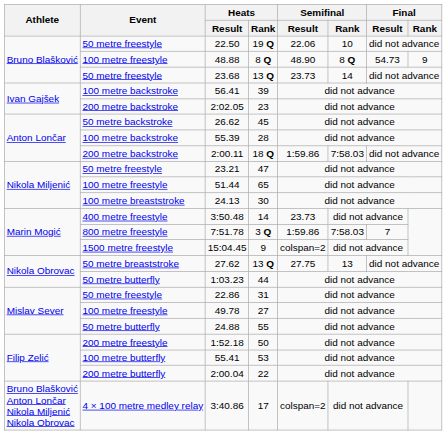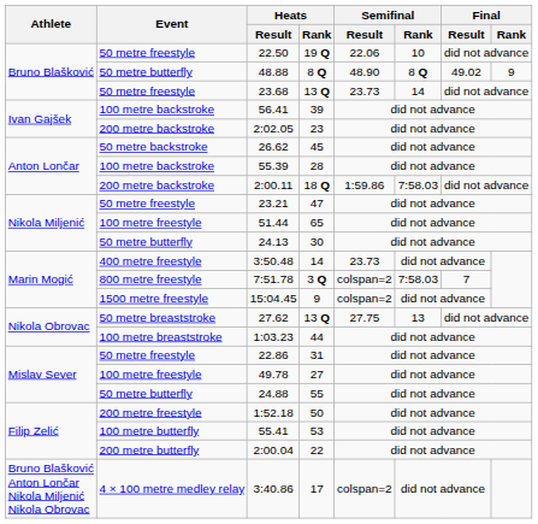 <table class="wikitable" border="1" style="font-size:90%; text-align:center">
 <tr>
 <th rowspan="2">Athlete</th>
 <th rowspan="2">Event</th>
 <th colspan="2">Heats</th>
 <th colspan="2">Semifinal</th>
 <th colspan="2">Final</th>
 </tr>
 <tr>
 <th>Result</th>
 <th>Rank</th>
 <th>Result</th>
 <th>Rank</th>
 <th>Result</th>
 <th>Rank</th>
 </tr>
 <tr>
 <td rowspan="3" align="left"><a href='#'>Bruno Blašković</a></td>
 <td align="left"><a href='#'>50 metre freestyle</a></td>
 <td>22.50</td>
 <td>19 <strong>Q</strong></td>
 <td>22.06</td>
 <td>10</td>
 <td colspan=2>did not advance</td>
 </tr>
 <tr>
-<td align="left"><a href='#'>100 metre freestyle</a></td>
+<td align="left"><a href='#'>50 metre butterfly</a></td>
 <td>48.88</td>
 <td>8 <strong>Q</strong></td>
 <td>48.90</td>
 <td>8 <strong>Q</strong></td>
-<td>54.73</td>
+<td>49.02</td>
 <td>9</td>
 </tr>
 <tr>
 <td align="left"><a href='#'>50 metre freestyle</a></td>
 <td>23.68</td>
 <td>13 <strong>Q</strong></td>
 <td>23.73</td>
 <td>14</td>
 <td colspan=2>did not advance</td>
 </tr>
 <tr>
 <td rowspan="2" align="left"><a href='#'>Ivan Gajšek</a></td>
 <td align="left"><a href='#'>100 metre backstroke</a></td>
 <td>56.41</td>
 <td>39</td>
 <td colspan=4>did not advance</td>
 </tr>
 <tr>
 <td align="left"><a href='#'>200 metre backstroke</a></td>
 <td>2:02.05</td>
 <td>23</td>
 <td colspan=4>did not advance</td>
 </tr>
 <tr>
 <td rowspan="3" align="left"><a href='#'>Anton Lončar</a></td>
 <td align="left"><a href='#'>50 metre backstroke</a></td>
 <td>26.62</td>
 <td>45</td>
 <td colspan=4>did not advance</td>
 </tr>
 <tr>
 <td align="left"><a href='#'>100 metre backstroke</a></td>
 <td>55.39</td>
 <td>28</td>
 <td colspan=4>did not advance</td>
 </tr>
 <tr>
 <td align="left"><a href='#'>200 metre backstroke</a></td>
 <td>2:00.11</td>
 <td>18 <strong>Q</strong></td>
 <td>1:59.86</td>
 <td>7:58.03</td>
 <td colspan=2>did not advance</td>
 </tr>
 <tr>
 <td rowspan="3" align="left"><a href='#'>Nikola Miljenić</a></td>
 <td align="left"><a href='#'>50 metre freestyle</a></td>
 <td>23.21</td>
 <td>47</td>
 <td colspan=4>did not advance</td>
 </tr>
 <tr>
 <td align="left"><a href='#'>100 metre freestyle</a></td>
 <td>51.44</td>
 <td>65</td>
 <td colspan=4>did not advance</td>
 </tr>
 <tr>
-<td align="left"><a href='#'>100 metre breaststroke</a></td>
+<td align="left"><a href='#'>50 metre butterfly</a></td>
 <td>24.13</td>
 <td>30</td>
 <td colspan=4>did not advance</td>
 </tr>
 <tr>
 <td rowspan="3" align="left"><a href='#'>Marin Mogić</a></td>
 <td align="left"><a href='#'>400 metre freestyle</a></td>
 <td>3:50.48</td>
 <td>14</td>
 <td>23.73</td>
 <td colspan=2>did not advance</td>
 </tr>
 <tr>
 <td align="left"><a href='#'>800 metre freestyle</a></td>
 <td>7:51.78</td>
 <td>3 <strong>Q</strong></td>
-<td>1:59.86</td>
+<td>colspan=2</td>
 <td>7:58.03</td>
 <td>7</td>
 </tr>
 <tr>
 <td align="left"><a href='#'>1500 metre freestyle</a></td>
 <td>15:04.45</td>
 <td>9</td>
 <td>colspan=2</td>
 <td colspan=2>did not advance</td>
 </tr>
 <tr>
 <td rowspan="2" align="left"><a href='#'>Nikola Obrovac</a></td>
 <td align="left"><a href='#'>50 metre breaststroke</a></td>
 <td>27.62</td>
 <td>13 <strong>Q</strong></td>
 <td>27.75</td>
 <td>13</td>
 <td colspan=2>did not advance</td>
 </tr>
 <tr>
-<td align="left"><a href='#'>50 metre butterfly</a></td>
+<td align="left"><a href='#'>100 metre breaststroke</a></td>
 <td>1:03.23</td>
 <td>44</td>
 <td colspan=4>did not advance</td>
 </tr>
 <tr>
 <td rowspan="3" align="left"><a href='#'>Mislav Sever</a></td>
 <td align="left"><a href='#'>50 metre freestyle</a></td>
 <td>22.86</td>
 <td>31</td>
 <td colspan=4>did not advance</td>
 </tr>
 <tr>
 <td align="left"><a href='#'>100 metre freestyle</a></td>
 <td>49.78</td>
 <td>27</td>
 <td colspan=4>did not advance</td>
 </tr>
 <tr>
 <td align="left"><a href='#'>50 metre butterfly</a></td>
 <td>24.88</td>
 <td>55</td>
 <td colspan=4>did not advance</td>
 </tr>
 <tr>
 <td rowspan="3" align="left"><a href='#'>Filip Zelić</a></td>
 <td align="left"><a href='#'>200 metre freestyle</a></td>
 <td>1:52.18</td>
 <td>50</td>
 <td colspan=4>did not advance</td>
 </tr>
 <tr>
 <td align="left"><a href='#'>100 metre butterfly</a></td>
 <td>55.41</td>
 <td>53</td>
 <td colspan=4>did not advance</td>
 </tr>
 <tr>
 <td align="left"><a href='#'>200 metre butterfly</a></td>
 <td>2:00.04</td>
 <td>22</td>
 <td colspan=4>did not advance</td>
 </tr>
 <tr>
 <td align="left"><a href='#'>Bruno Blašković</a><br><a href='#'>Anton Lončar</a><br><a href='#'>Nikola Miljenić</a><br><a href='#'>Nikola Obrovac</a></td>
 <td align="left"><a href='#'>4 × 100 metre medley relay</a></td>
 <td>3:40.86</td>
 <td>17</td>
 <td>colspan=2</td>
 <td colspan=2>did not advance</td>
 </tr>
 </table>
